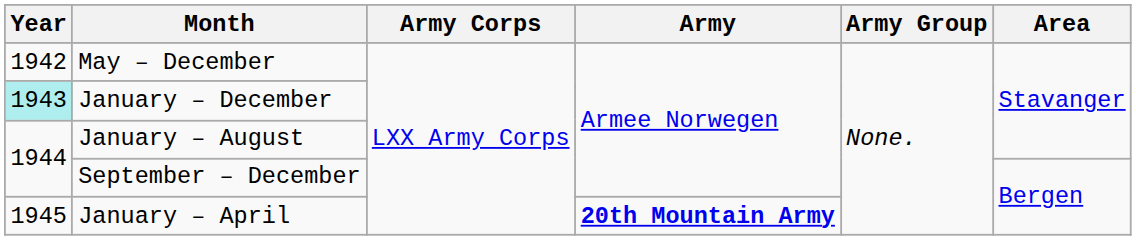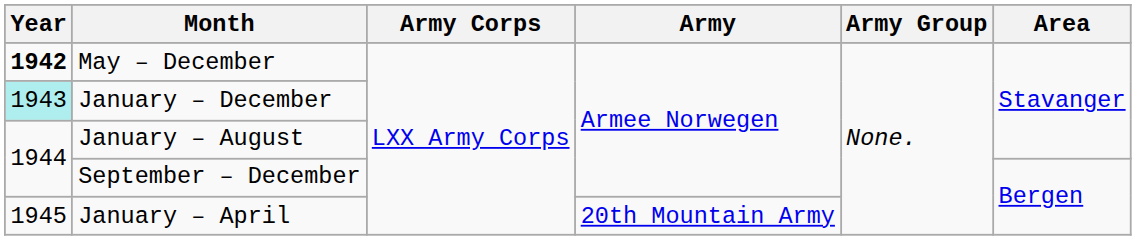 <table class="wikitable">
 <tr>
 <th>Year</th>
 <th>Month</th>
 <th>Army Corps</th>
 <th>Army</th>
 <th>Army Group</th>
 <th>Area</th>
 </tr>
 <tr>
-<td>1942</td>
+<td><strong>1942</strong></td>
 <td>May – December</td>
 <td rowspan="5"><a href='#'>LXX Army Corps</a></td>
 <td rowspan="4"><a href='#'>Armee Norwegen</a></td>
 <td rowspan="5"><em>None.</em></td>
 <td rowspan="3"><a href='#'>Stavanger</a></td>
 </tr>
 <tr>
 <td style="background: paleturquoise;">1943</td>
 <td>January – December</td>
 </tr>
 <tr>
 <td rowspan="2">1944</td>
 <td>January – August</td>
 </tr>
 <tr>
 <td>September – December</td>
 <td rowspan="2"><a href='#'>Bergen</a></td>
 </tr>
 <tr>
 <td>1945</td>
 <td>January – April</td>
-<td><strong><a href='#'>20th Mountain Army</a></strong></td>
+<td><a href='#'>20th Mountain Army</a></td>
 </tr>
 </table>
